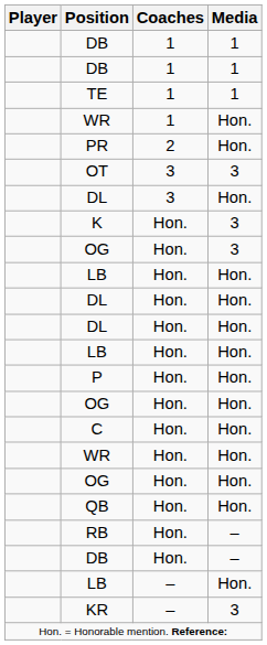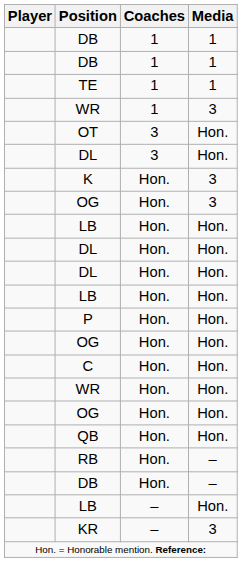 <table class="wikitable sortable sortable" style="text-align: center">
 <tr align=center>
 <th>Player</th>
 <th>Position</th>
 <th>Coaches</th>
 <th>Media</th>
 </tr>
 <tr>
 <td></td>
 <td>DB</td>
 <td>1</td>
 <td>1</td>
 </tr>
 <tr>
 <td></td>
 <td>DB</td>
 <td>1</td>
 <td>1</td>
 </tr>
 <tr>
 <td></td>
 <td>TE</td>
 <td>1</td>
 <td>1</td>
 </tr>
 <tr>
 <td></td>
 <td>WR</td>
 <td>1</td>
-<td data-sort-value="4">Hon.</td>
-</tr>
-<tr>
-<td></td>
-<td>PR</td>
-<td>2</td>
-<td data-sort-value="4">Hon.</td>
+<td>3</td>
 </tr>
 <tr>
 <td></td>
 <td>OT</td>
 <td>3</td>
-<td>3</td>
+<td data-sort-value="4">Hon.</td>
 </tr>
 <tr>
 <td></td>
 <td>DL</td>
 <td>3</td>
 <td data-sort-value="4">Hon.</td>
 </tr>
 <tr>
 <td></td>
 <td>K</td>
 <td data-sort-value="4">Hon.</td>
 <td>3</td>
 </tr>
 <tr>
 <td></td>
 <td>OG</td>
 <td data-sort-value="4">Hon.</td>
 <td>3</td>
 </tr>
 <tr>
 <td></td>
 <td>LB</td>
 <td data-sort-value="4">Hon.</td>
 <td data-sort-value="4">Hon.</td>
 </tr>
 <tr>
 <td></td>
 <td>DL</td>
 <td data-sort-value="4">Hon.</td>
 <td data-sort-value="4">Hon.</td>
 </tr>
 <tr>
 <td></td>
 <td>DL</td>
 <td data-sort-value="4">Hon.</td>
 <td data-sort-value="4">Hon.</td>
 </tr>
 <tr>
 <td></td>
 <td>LB</td>
 <td data-sort-value="4">Hon.</td>
 <td data-sort-value="4">Hon.</td>
 </tr>
 <tr>
 <td></td>
 <td>P</td>
 <td data-sort-value="4">Hon.</td>
 <td data-sort-value="4">Hon.</td>
 </tr>
 <tr>
 <td></td>
 <td>OG</td>
 <td data-sort-value="4">Hon.</td>
 <td data-sort-value="4">Hon.</td>
 </tr>
 <tr>
 <td></td>
 <td>C</td>
 <td data-sort-value="4">Hon.</td>
 <td data-sort-value="4">Hon.</td>
 </tr>
 <tr>
 <td></td>
 <td>WR</td>
 <td data-sort-value="4">Hon.</td>
 <td data-sort-value="4">Hon.</td>
 </tr>
 <tr>
 <td></td>
 <td>OG</td>
 <td data-sort-value="4">Hon.</td>
 <td data-sort-value="4">Hon.</td>
 </tr>
 <tr>
 <td></td>
 <td>QB</td>
 <td data-sort-value="4">Hon.</td>
 <td data-sort-value="4">Hon.</td>
 </tr>
 <tr>
 <td></td>
 <td>RB</td>
 <td data-sort-value="4">Hon.</td>
 <td data-sort-value="5">–</td>
 </tr>
 <tr>
 <td></td>
 <td>DB</td>
 <td data-sort-value="4">Hon.</td>
 <td data-sort-value="5">–</td>
 </tr>
 <tr>
 <td></td>
 <td>LB</td>
 <td data-sort-value="5">–</td>
 <td data-sort-value="4">Hon.</td>
 </tr>
 <tr>
 <td></td>
 <td>KR</td>
 <td data-sort-value="5">–</td>
 <td>3</td>
 </tr>
 <tr class="sortbottom">
 <td colspan="4"  style="font-size:8pt; text-align:center;">Hon. = Honorable mention. <strong>Reference:</strong></td>
 </tr>
 </table>
